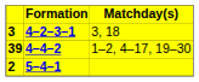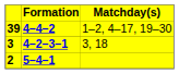 <table class="toccolours" border="0" cellpadding="2" cellspacing="0" align="center" style="margin: 0.5em 0 1em 1em; background: #000000; border: 1px #aaaaaa solid;">
 <tr bgcolor=#FFFF00>
 <th></th>
 <th>Formation</th>
 <th>Matchday(s)</th>
 </tr>
 <tr bgcolor=#FFFF00>
+<td><strong>39</strong></td>
+<td><a href='#'><span><strong>4–4–2</strong></span></a></td>
+<td>1–2, 4–17, 19–30</td>
+</tr>
+<tr bgcolor=#FFFF00>
 <td><strong>3</strong></td>
 <td><a href='#'><span><strong>4–2–3–1</strong></span></a></td>
 <td>3, 18</td>
-</tr>
-<tr bgcolor=#FFFF00>
-<td><strong>39</strong></td>
-<td><a href='#'><span><strong>4–4–2</strong></span></a></td>
-<td>1–2, 4–17, 19–30</td>
 </tr>
 <tr bgcolor=#FFFF00>
 <td><strong>2</strong></td>
 <td><a href='#'><span><strong>5–4–1</strong></span></a></td>
 <td></td>
 </tr>
 </table>
